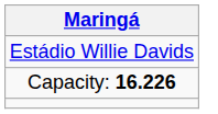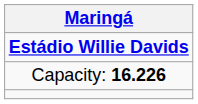 <table class="wikitable" style="text-align:center">
 <tr>
 <th><a href='#'>Maringá</a></th>
 </tr>
 <tr>
-<td><a href='#'>Estádio Willie Davids</a></td>
+<td><strong><a href='#'>Estádio Willie Davids</a></strong></td>
 </tr>
 <tr>
 <td>Capacity: <strong>16.226</strong></td>
 </tr>
 <tr>
 <td></td>
 </tr>
 </table>
